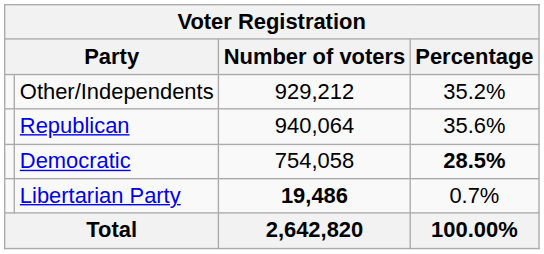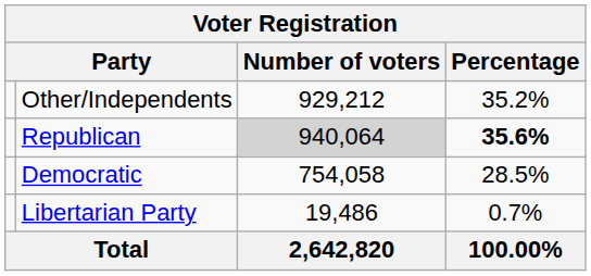 <table class=wikitable>
 <tr>
 <th colspan = 6>Voter Registration </th>
 </tr>
 <tr>
 <th colspan = 2>Party</th>
 <th>Number of voters</th>
 <th>Percentage</th>
 </tr>
 <tr>
 <td></td>
 <td>Other/Independents</td>
 <td style="text-align:center;">929,212</td>
 <td style="text-align:center;">35.2%</td>
 </tr>
 <tr>
 <td></td>
 <td><a href='#'>Republican</a></td>
-<td style="text-align:center;">940,064</td>
-<td style="text-align:center;">35.6%</td>
+<td style="background: lightgrey; text-align:center;">940,064</td>
+<td style="text-align:center;"><strong>35.6%</strong></td>
 </tr>
 <tr>
 <td></td>
 <td><a href='#'>Democratic</a></td>
 <td style="text-align:center;">754,058</td>
-<td style="text-align:center;"><strong>28.5%</strong></td>
+<td style="text-align:center;">28.5%</td>
 </tr>
 <tr>
 <td></td>
 <td><a href='#'>Libertarian Party</a></td>
-<td style="text-align:center;"><strong>19,486</strong></td>
+<td style="text-align:center;">19,486</td>
 <td style="text-align:center;">0.7%</td>
 </tr>
 <tr>
 <th colspan = 2>Total</th>
 <th style="text-align:center;">2,642,820</th>
 <th style="text-align:center;">100.00%</th>
 </tr>
 </table>
